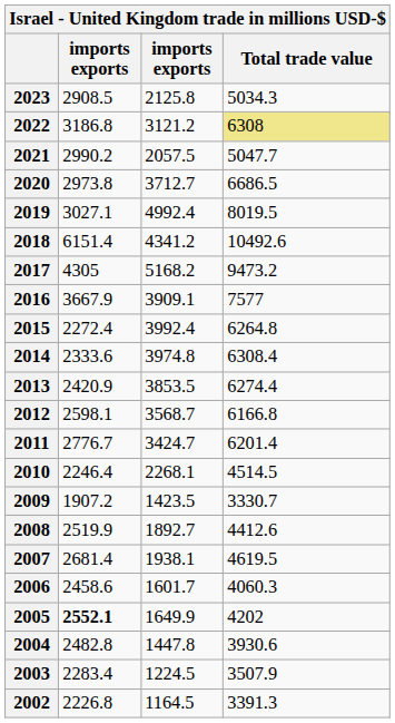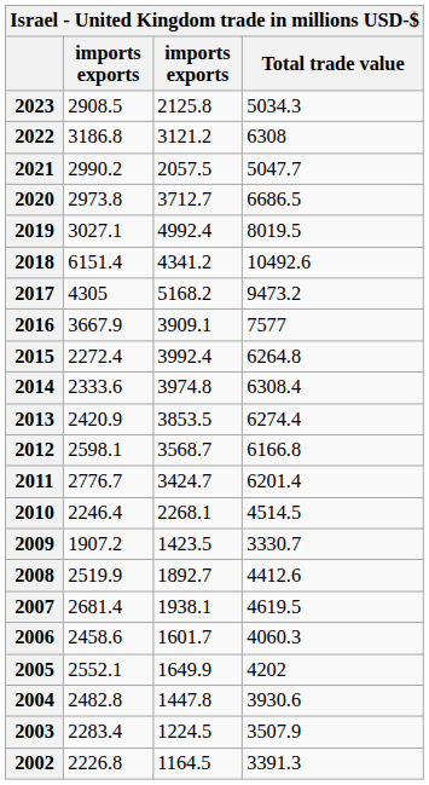 <table class="wikitable mw-collapsible mw-collapsed">
 <tr>
 <th colspan="4">Israel - United Kingdom trade in millions USD-$ </th>
 </tr>
 <tr>
 <th></th>
 <th> imports<br> exports</th>
 <th> imports<br> exports</th>
 <th>Total trade value</th>
 </tr>
 <tr>
 <th>2023</th>
 <td>2908.5</td>
 <td>2125.8</td>
 <td>5034.3</td>
 </tr>
 <tr>
 <th>2022</th>
 <td>3186.8</td>
 <td>3121.2</td>
-<td style="background: khaki;">6308</td>
+<td>6308</td>
 </tr>
 <tr>
 <th>2021</th>
 <td>2990.2</td>
 <td>2057.5</td>
 <td>5047.7</td>
 </tr>
 <tr>
 <th>2020</th>
 <td>2973.8</td>
 <td>3712.7</td>
 <td>6686.5</td>
 </tr>
 <tr>
 <th>2019</th>
 <td>3027.1</td>
 <td>4992.4</td>
 <td>8019.5</td>
 </tr>
 <tr>
 <th>2018</th>
 <td>6151.4</td>
 <td>4341.2</td>
 <td>10492.6</td>
 </tr>
 <tr>
 <th>2017</th>
 <td>4305</td>
 <td>5168.2</td>
 <td>9473.2</td>
 </tr>
 <tr>
 <th>2016</th>
 <td>3667.9</td>
 <td>3909.1</td>
 <td>7577</td>
 </tr>
 <tr>
 <th>2015</th>
 <td>2272.4</td>
 <td>3992.4</td>
 <td>6264.8</td>
 </tr>
 <tr>
 <th>2014</th>
 <td>2333.6</td>
 <td>3974.8</td>
 <td>6308.4</td>
 </tr>
 <tr>
 <th>2013</th>
 <td>2420.9</td>
 <td>3853.5</td>
 <td>6274.4</td>
 </tr>
 <tr>
 <th>2012</th>
 <td>2598.1</td>
 <td>3568.7</td>
 <td>6166.8</td>
 </tr>
 <tr>
 <th>2011</th>
 <td>2776.7</td>
 <td>3424.7</td>
 <td>6201.4</td>
 </tr>
 <tr>
 <th>2010</th>
 <td>2246.4</td>
 <td>2268.1</td>
 <td>4514.5</td>
 </tr>
 <tr>
 <th>2009</th>
 <td>1907.2</td>
 <td>1423.5</td>
 <td>3330.7</td>
 </tr>
 <tr>
 <th>2008</th>
 <td>2519.9</td>
 <td>1892.7</td>
 <td>4412.6</td>
 </tr>
 <tr>
 <th>2007</th>
 <td>2681.4</td>
 <td>1938.1</td>
 <td>4619.5</td>
 </tr>
 <tr>
 <th>2006</th>
 <td>2458.6</td>
 <td>1601.7</td>
 <td>4060.3</td>
 </tr>
 <tr>
 <th>2005</th>
-<td><strong>2552.1</strong></td>
+<td>2552.1</td>
 <td>1649.9</td>
 <td>4202</td>
 </tr>
 <tr>
 <th>2004</th>
 <td>2482.8</td>
 <td>1447.8</td>
 <td>3930.6</td>
 </tr>
 <tr>
 <th>2003</th>
 <td>2283.4</td>
 <td>1224.5</td>
 <td>3507.9</td>
 </tr>
 <tr>
 <th>2002</th>
 <td>2226.8</td>
 <td>1164.5</td>
 <td>3391.3</td>
 </tr>
 </table>
